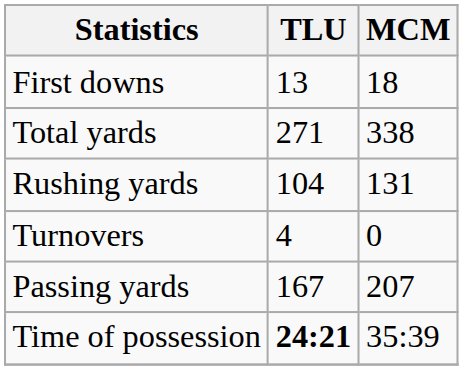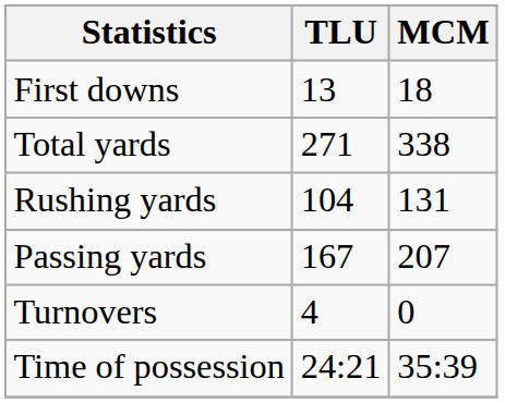 <table class="wikitable">
 <tr>
 <th>Statistics</th>
 <th>TLU</th>
 <th>MCM</th>
 </tr>
 <tr>
 <td>First downs</td>
 <td>13</td>
 <td>18</td>
 </tr>
 <tr>
 <td>Total yards</td>
 <td>271</td>
 <td>338</td>
 </tr>
 <tr>
 <td>Rushing yards</td>
 <td>104</td>
 <td>131</td>
 </tr>
 <tr>
+<td>Passing yards</td>
+<td>167</td>
+<td>207</td>
+</tr>
+<tr>
 <td>Turnovers</td>
 <td>4</td>
 <td>0</td>
 </tr>
 <tr>
-<td>Passing yards</td>
-<td>167</td>
-<td>207</td>
-</tr>
-<tr>
 <td>Time of possession</td>
-<td><strong>24:21</strong></td>
+<td>24:21</td>
 <td>35:39</td>
 </tr>
 <tr>
 </tr>
 </table>
